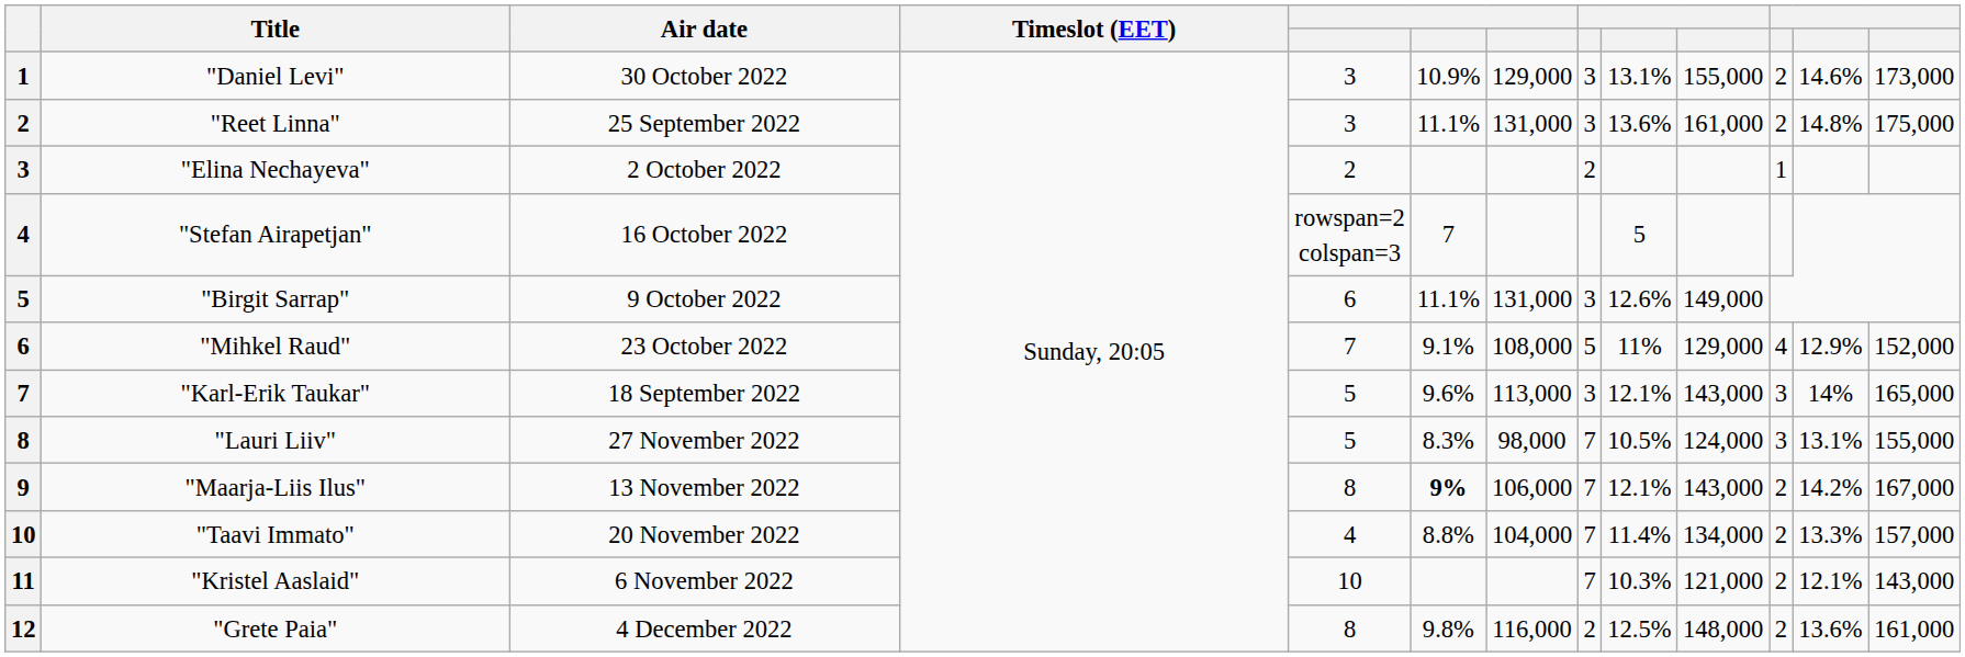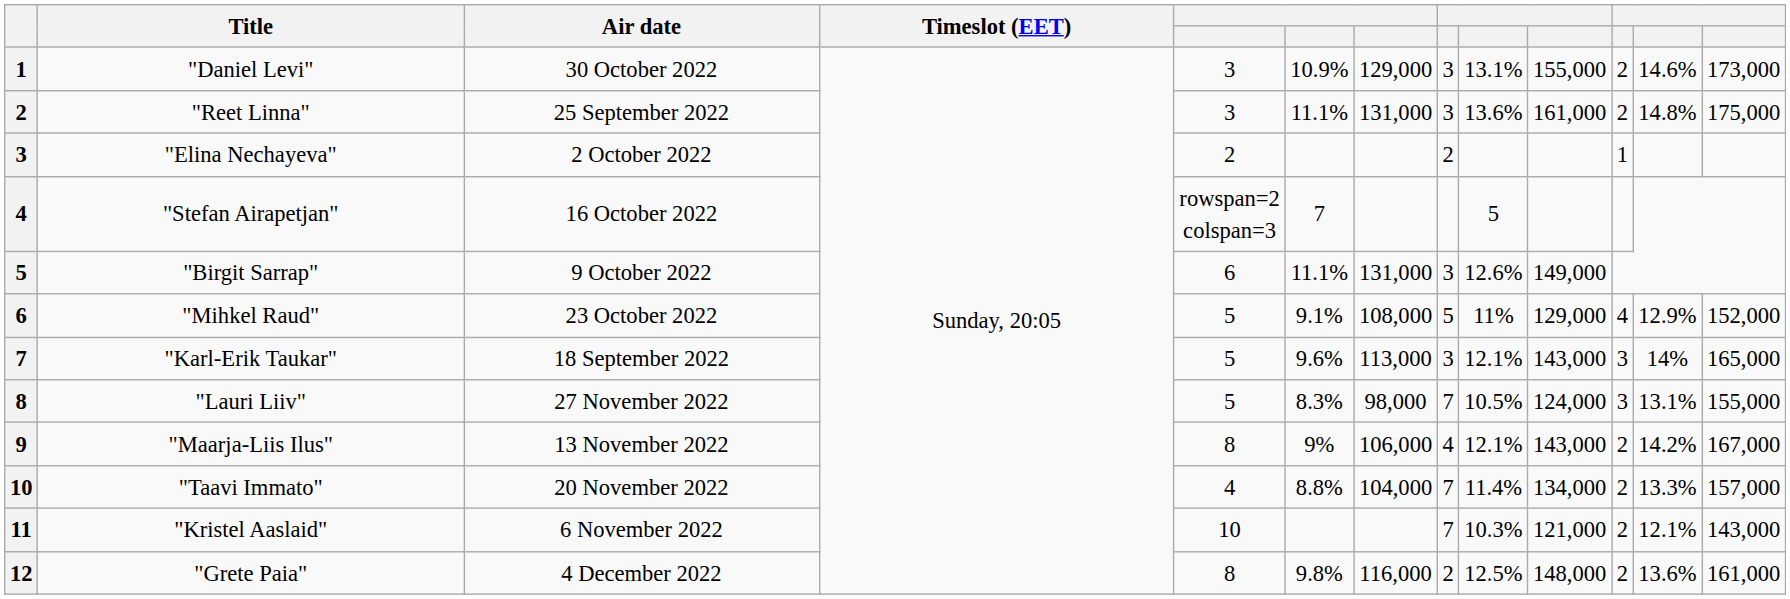 <table class="sortable wikitable plainrowheaders mw-collapsible" style="text-align:center; line-height:23px; width:100%;">
 <tr>
 <th rowspan=2 class="unsortable"></th>
 <th width=24% rowspan=2 class="unsortable">Title</th>
 <th width=20% rowspan=2 class="unsortable">Air date</th>
 <th width=20% rowspan=2 class="unsortable">Timeslot (<a href='#'>EET</a>)</th>
 <th colspan=3></th>
 <th colspan=3></th>
 <th colspan=3></th>
 </tr>
 <tr>
 <th class="unsortable"></th>
 <th></th>
 <th></th>
 <th class="unsortable"></th>
 <th></th>
 <th></th>
 <th class="unsortable"></th>
 <th></th>
 <th></th>
 </tr>
 <tr>
 <th>1</th>
 <td>"Daniel Levi"</td>
 <td>30 October 2022</td>
 <td rowspan="12">Sunday, 20:05</td>
 <td>3</td>
 <td>10.9%</td>
 <td>129,000</td>
 <td>3</td>
 <td>13.1%</td>
 <td>155,000</td>
 <td>2</td>
 <td>14.6%</td>
 <td>173,000</td>
 </tr>
 <tr>
 <th>2</th>
 <td>"Reet Linna"</td>
 <td>25 September 2022</td>
 <td>3</td>
 <td>11.1%</td>
 <td>131,000</td>
 <td>3</td>
 <td>13.6%</td>
 <td>161,000</td>
 <td>2</td>
 <td>14.8%</td>
 <td>175,000</td>
 </tr>
 <tr>
 <th>3</th>
 <td>"Elina Nechayeva"</td>
 <td>2 October 2022</td>
 <td>2</td>
 <td></td>
 <td></td>
 <td>2</td>
 <td></td>
 <td></td>
 <td>1</td>
 <td></td>
 <td></td>
 </tr>
 <tr>
 <th>4</th>
 <td>"Stefan Airapetjan"</td>
 <td>16 October 2022</td>
 <td>rowspan=2 colspan=3 </td>
 <td>7</td>
 <td></td>
 <td></td>
 <td>5</td>
 <td></td>
 <td></td>
 </tr>
 <tr>
 <th>5</th>
 <td>"Birgit Sarrap"</td>
 <td>9 October 2022</td>
 <td>6</td>
 <td>11.1%</td>
 <td>131,000</td>
 <td>3</td>
 <td>12.6%</td>
 <td>149,000</td>
 </tr>
 <tr>
 <th>6</th>
 <td>"Mihkel Raud"</td>
 <td>23 October 2022</td>
-<td>7</td>
+<td>5</td>
 <td>9.1%</td>
 <td>108,000</td>
 <td>5</td>
 <td>11%</td>
 <td>129,000</td>
 <td>4</td>
 <td>12.9%</td>
 <td>152,000</td>
 </tr>
 <tr>
 <th>7</th>
 <td>"Karl-Erik Taukar"</td>
 <td>18 September 2022</td>
 <td>5</td>
 <td>9.6%</td>
 <td>113,000</td>
 <td>3</td>
 <td>12.1%</td>
 <td>143,000</td>
 <td>3</td>
 <td>14%</td>
 <td>165,000</td>
 </tr>
 <tr>
 <th>8</th>
 <td>"Lauri Liiv"</td>
 <td>27 November 2022</td>
 <td>5</td>
 <td>8.3%</td>
 <td>98,000</td>
 <td>7</td>
 <td>10.5%</td>
 <td>124,000</td>
 <td>3</td>
 <td>13.1%</td>
 <td>155,000</td>
 </tr>
 <tr>
 <th>9</th>
 <td>"Maarja-Liis Ilus"</td>
 <td>13 November 2022</td>
 <td>8</td>
-<td><strong>9%</strong></td>
+<td>9%</td>
 <td>106,000</td>
-<td>7</td>
+<td>4</td>
 <td>12.1%</td>
 <td>143,000</td>
 <td>2</td>
 <td>14.2%</td>
 <td>167,000</td>
 </tr>
 <tr>
 <th>10</th>
 <td>"Taavi Immato"</td>
 <td>20 November 2022</td>
 <td>4</td>
 <td>8.8%</td>
 <td>104,000</td>
 <td>7</td>
 <td>11.4%</td>
 <td>134,000</td>
 <td>2</td>
 <td>13.3%</td>
 <td>157,000</td>
 </tr>
 <tr>
 <th>11</th>
 <td>"Kristel Aaslaid"</td>
 <td>6 November 2022</td>
 <td>10</td>
 <td></td>
 <td></td>
 <td>7</td>
 <td>10.3%</td>
 <td>121,000</td>
 <td>2</td>
 <td>12.1%</td>
 <td>143,000</td>
 </tr>
 <tr>
 <th>12</th>
 <td>"Grete Paia"</td>
 <td>4 December 2022</td>
 <td>8</td>
 <td>9.8%</td>
 <td>116,000</td>
 <td>2</td>
 <td>12.5%</td>
 <td>148,000</td>
 <td>2</td>
 <td>13.6%</td>
 <td>161,000</td>
 </tr>
 </table>
